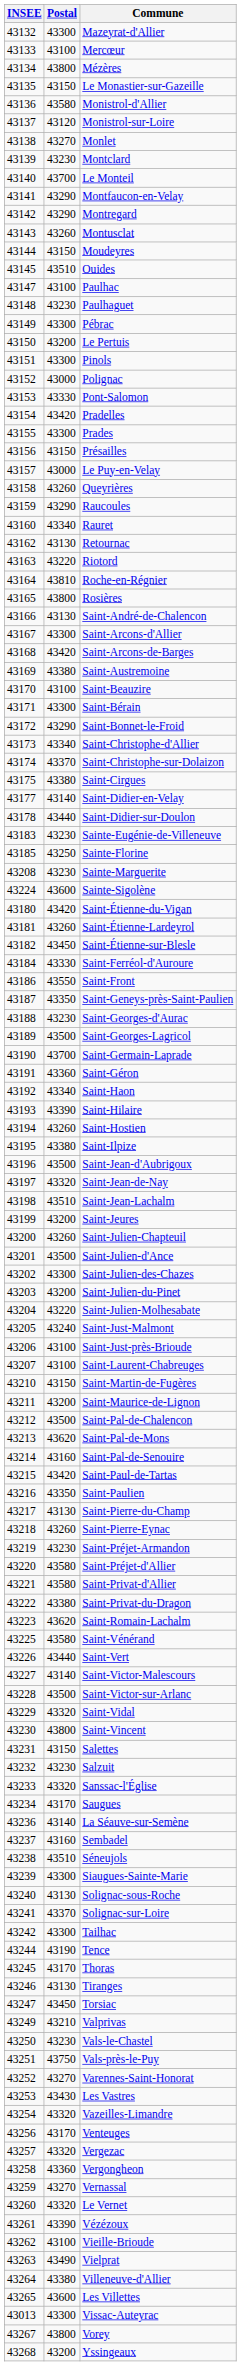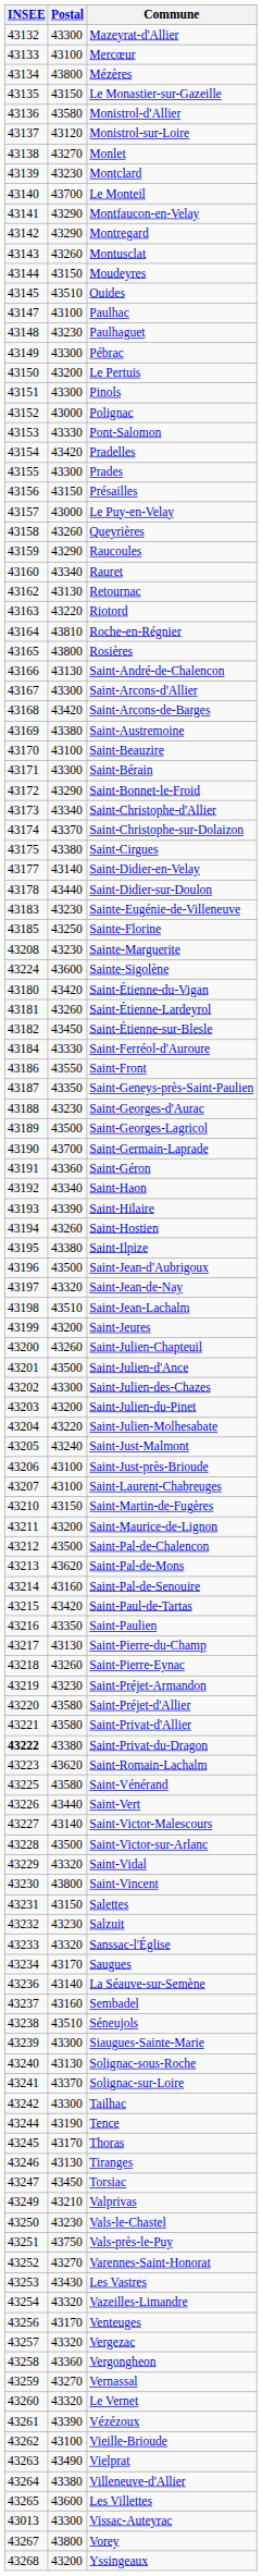 <table class="wikitable sortable">
 <tr>
 <th><a href='#'>INSEE</a></th>
 <th><a href='#'>Postal</a></th>
 <th>Commune</th>
 </tr>
 <tr>
 <td>43132</td>
 <td>43300</td>
 <td><a href='#'>Mazeyrat-d'Allier</a></td>
 </tr>
 <tr>
 <td>43133</td>
 <td>43100</td>
 <td><a href='#'>Mercœur</a></td>
 </tr>
 <tr>
 <td>43134</td>
 <td>43800</td>
 <td><a href='#'>Mézères</a></td>
 </tr>
 <tr>
 <td>43135</td>
 <td>43150</td>
 <td><a href='#'>Le Monastier-sur-Gazeille</a></td>
 </tr>
 <tr>
 <td>43136</td>
 <td>43580</td>
 <td><a href='#'>Monistrol-d'Allier</a></td>
 </tr>
 <tr>
 <td>43137</td>
 <td>43120</td>
 <td><a href='#'>Monistrol-sur-Loire</a></td>
 </tr>
 <tr>
 <td>43138</td>
 <td>43270</td>
 <td><a href='#'>Monlet</a></td>
 </tr>
 <tr>
 <td>43139</td>
 <td>43230</td>
 <td><a href='#'>Montclard</a></td>
 </tr>
 <tr>
 <td>43140</td>
 <td>43700</td>
 <td><a href='#'>Le Monteil</a></td>
 </tr>
 <tr>
 <td>43141</td>
 <td>43290</td>
 <td><a href='#'>Montfaucon-en-Velay</a></td>
 </tr>
 <tr>
 <td>43142</td>
 <td>43290</td>
 <td><a href='#'>Montregard</a></td>
 </tr>
 <tr>
 <td>43143</td>
 <td>43260</td>
 <td><a href='#'>Montusclat</a></td>
 </tr>
 <tr>
 <td>43144</td>
 <td>43150</td>
 <td><a href='#'>Moudeyres</a></td>
 </tr>
 <tr>
 <td>43145</td>
 <td>43510</td>
 <td><a href='#'>Ouides</a></td>
 </tr>
 <tr>
 <td>43147</td>
 <td>43100</td>
 <td><a href='#'>Paulhac</a></td>
 </tr>
 <tr>
 <td>43148</td>
 <td>43230</td>
 <td><a href='#'>Paulhaguet</a></td>
 </tr>
 <tr>
 <td>43149</td>
 <td>43300</td>
 <td><a href='#'>Pébrac</a></td>
 </tr>
 <tr>
 <td>43150</td>
 <td>43200</td>
 <td><a href='#'>Le Pertuis</a></td>
 </tr>
 <tr>
 <td>43151</td>
 <td>43300</td>
 <td><a href='#'>Pinols</a></td>
 </tr>
 <tr>
 <td>43152</td>
 <td>43000</td>
 <td><a href='#'>Polignac</a></td>
 </tr>
 <tr>
 <td>43153</td>
 <td>43330</td>
 <td><a href='#'>Pont-Salomon</a></td>
 </tr>
 <tr>
 <td>43154</td>
 <td>43420</td>
 <td><a href='#'>Pradelles</a></td>
 </tr>
 <tr>
 <td>43155</td>
 <td>43300</td>
 <td><a href='#'>Prades</a></td>
 </tr>
 <tr>
 <td>43156</td>
 <td>43150</td>
 <td><a href='#'>Présailles</a></td>
 </tr>
 <tr>
 <td>43157</td>
 <td>43000</td>
 <td><a href='#'>Le Puy-en-Velay</a></td>
 </tr>
 <tr>
 <td>43158</td>
 <td>43260</td>
 <td><a href='#'>Queyrières</a></td>
 </tr>
 <tr>
 <td>43159</td>
 <td>43290</td>
 <td><a href='#'>Raucoules</a></td>
 </tr>
 <tr>
 <td>43160</td>
 <td>43340</td>
 <td><a href='#'>Rauret</a></td>
 </tr>
 <tr>
 <td>43162</td>
 <td>43130</td>
 <td><a href='#'>Retournac</a></td>
 </tr>
 <tr>
 <td>43163</td>
 <td>43220</td>
 <td><a href='#'>Riotord</a></td>
 </tr>
 <tr>
 <td>43164</td>
 <td>43810</td>
 <td><a href='#'>Roche-en-Régnier</a></td>
 </tr>
 <tr>
 <td>43165</td>
 <td>43800</td>
 <td><a href='#'>Rosières</a></td>
 </tr>
 <tr>
 <td>43166</td>
 <td>43130</td>
 <td><a href='#'>Saint-André-de-Chalencon</a></td>
 </tr>
 <tr>
 <td>43167</td>
 <td>43300</td>
 <td><a href='#'>Saint-Arcons-d'Allier</a></td>
 </tr>
 <tr>
 <td>43168</td>
 <td>43420</td>
 <td><a href='#'>Saint-Arcons-de-Barges</a></td>
 </tr>
 <tr>
 <td>43169</td>
 <td>43380</td>
 <td><a href='#'>Saint-Austremoine</a></td>
 </tr>
 <tr>
 <td>43170</td>
 <td>43100</td>
 <td><a href='#'>Saint-Beauzire</a></td>
 </tr>
 <tr>
 <td>43171</td>
 <td>43300</td>
 <td><a href='#'>Saint-Bérain</a></td>
 </tr>
 <tr>
 <td>43172</td>
 <td>43290</td>
 <td><a href='#'>Saint-Bonnet-le-Froid</a></td>
 </tr>
 <tr>
 <td>43173</td>
 <td>43340</td>
 <td><a href='#'>Saint-Christophe-d'Allier</a></td>
 </tr>
 <tr>
 <td>43174</td>
 <td>43370</td>
 <td><a href='#'>Saint-Christophe-sur-Dolaizon</a></td>
 </tr>
 <tr>
 <td>43175</td>
 <td>43380</td>
 <td><a href='#'>Saint-Cirgues</a></td>
 </tr>
 <tr>
 <td>43177</td>
 <td>43140</td>
 <td><a href='#'>Saint-Didier-en-Velay</a></td>
 </tr>
 <tr>
 <td>43178</td>
 <td>43440</td>
 <td><a href='#'>Saint-Didier-sur-Doulon</a></td>
 </tr>
 <tr>
 <td>43183</td>
 <td>43230</td>
 <td><a href='#'>Sainte-Eugénie-de-Villeneuve</a></td>
 </tr>
 <tr>
 <td>43185</td>
 <td>43250</td>
 <td><a href='#'>Sainte-Florine</a></td>
 </tr>
 <tr>
 <td>43208</td>
 <td>43230</td>
 <td><a href='#'>Sainte-Marguerite</a></td>
 </tr>
 <tr>
 <td>43224</td>
 <td>43600</td>
 <td><a href='#'>Sainte-Sigolène</a></td>
 </tr>
 <tr>
 <td>43180</td>
 <td>43420</td>
 <td><a href='#'>Saint-Étienne-du-Vigan</a></td>
 </tr>
 <tr>
 <td>43181</td>
 <td>43260</td>
 <td><a href='#'>Saint-Étienne-Lardeyrol</a></td>
 </tr>
 <tr>
 <td>43182</td>
 <td>43450</td>
 <td><a href='#'>Saint-Étienne-sur-Blesle</a></td>
 </tr>
 <tr>
 <td>43184</td>
 <td>43330</td>
 <td><a href='#'>Saint-Ferréol-d'Auroure</a></td>
 </tr>
 <tr>
 <td>43186</td>
 <td>43550</td>
 <td><a href='#'>Saint-Front</a></td>
 </tr>
 <tr>
 <td>43187</td>
 <td>43350</td>
 <td><a href='#'>Saint-Geneys-près-Saint-Paulien</a></td>
 </tr>
 <tr>
 <td>43188</td>
 <td>43230</td>
 <td><a href='#'>Saint-Georges-d'Aurac</a></td>
 </tr>
 <tr>
 <td>43189</td>
 <td>43500</td>
 <td><a href='#'>Saint-Georges-Lagricol</a></td>
 </tr>
 <tr>
 <td>43190</td>
 <td>43700</td>
 <td><a href='#'>Saint-Germain-Laprade</a></td>
 </tr>
 <tr>
 <td>43191</td>
 <td>43360</td>
 <td><a href='#'>Saint-Géron</a></td>
 </tr>
 <tr>
 <td>43192</td>
 <td>43340</td>
 <td><a href='#'>Saint-Haon</a></td>
 </tr>
 <tr>
 <td>43193</td>
 <td>43390</td>
 <td><a href='#'>Saint-Hilaire</a></td>
 </tr>
 <tr>
 <td>43194</td>
 <td>43260</td>
 <td><a href='#'>Saint-Hostien</a></td>
 </tr>
 <tr>
 <td>43195</td>
 <td>43380</td>
 <td><a href='#'>Saint-Ilpize</a></td>
 </tr>
 <tr>
 <td>43196</td>
 <td>43500</td>
 <td><a href='#'>Saint-Jean-d'Aubrigoux</a></td>
 </tr>
 <tr>
 <td>43197</td>
 <td>43320</td>
 <td><a href='#'>Saint-Jean-de-Nay</a></td>
 </tr>
 <tr>
 <td>43198</td>
 <td>43510</td>
 <td><a href='#'>Saint-Jean-Lachalm</a></td>
 </tr>
 <tr>
 <td>43199</td>
 <td>43200</td>
 <td><a href='#'>Saint-Jeures</a></td>
 </tr>
 <tr>
 <td>43200</td>
 <td>43260</td>
 <td><a href='#'>Saint-Julien-Chapteuil</a></td>
 </tr>
 <tr>
 <td>43201</td>
 <td>43500</td>
 <td><a href='#'>Saint-Julien-d'Ance</a></td>
 </tr>
 <tr>
 <td>43202</td>
 <td>43300</td>
 <td><a href='#'>Saint-Julien-des-Chazes</a></td>
 </tr>
 <tr>
 <td>43203</td>
 <td>43200</td>
 <td><a href='#'>Saint-Julien-du-Pinet</a></td>
 </tr>
 <tr>
 <td>43204</td>
 <td>43220</td>
 <td><a href='#'>Saint-Julien-Molhesabate</a></td>
 </tr>
 <tr>
 <td>43205</td>
 <td>43240</td>
 <td><a href='#'>Saint-Just-Malmont</a></td>
 </tr>
 <tr>
 <td>43206</td>
 <td>43100</td>
 <td><a href='#'>Saint-Just-près-Brioude</a></td>
 </tr>
 <tr>
 <td>43207</td>
 <td>43100</td>
 <td><a href='#'>Saint-Laurent-Chabreuges</a></td>
 </tr>
 <tr>
 <td>43210</td>
 <td>43150</td>
 <td><a href='#'>Saint-Martin-de-Fugères</a></td>
 </tr>
 <tr>
 <td>43211</td>
 <td>43200</td>
 <td><a href='#'>Saint-Maurice-de-Lignon</a></td>
 </tr>
 <tr>
 <td>43212</td>
 <td>43500</td>
 <td><a href='#'>Saint-Pal-de-Chalencon</a></td>
 </tr>
 <tr>
 <td>43213</td>
 <td>43620</td>
 <td><a href='#'>Saint-Pal-de-Mons</a></td>
 </tr>
 <tr>
 <td>43214</td>
 <td>43160</td>
 <td><a href='#'>Saint-Pal-de-Senouire</a></td>
 </tr>
 <tr>
 <td>43215</td>
 <td>43420</td>
 <td><a href='#'>Saint-Paul-de-Tartas</a></td>
 </tr>
 <tr>
 <td>43216</td>
 <td>43350</td>
 <td><a href='#'>Saint-Paulien</a></td>
 </tr>
 <tr>
 <td>43217</td>
 <td>43130</td>
 <td><a href='#'>Saint-Pierre-du-Champ</a></td>
 </tr>
 <tr>
 <td>43218</td>
 <td>43260</td>
 <td><a href='#'>Saint-Pierre-Eynac</a></td>
 </tr>
 <tr>
 <td>43219</td>
 <td>43230</td>
 <td><a href='#'>Saint-Préjet-Armandon</a></td>
 </tr>
 <tr>
 <td>43220</td>
 <td>43580</td>
 <td><a href='#'>Saint-Préjet-d'Allier</a></td>
 </tr>
 <tr>
 <td>43221</td>
 <td>43580</td>
 <td><a href='#'>Saint-Privat-d'Allier</a></td>
 </tr>
 <tr>
-<td>43222</td>
+<td><strong>43222</strong></td>
 <td>43380</td>
 <td><a href='#'>Saint-Privat-du-Dragon</a></td>
 </tr>
 <tr>
 <td>43223</td>
 <td>43620</td>
 <td><a href='#'>Saint-Romain-Lachalm</a></td>
 </tr>
 <tr>
 <td>43225</td>
 <td>43580</td>
 <td><a href='#'>Saint-Vénérand</a></td>
 </tr>
 <tr>
 <td>43226</td>
 <td>43440</td>
 <td><a href='#'>Saint-Vert</a></td>
 </tr>
 <tr>
 <td>43227</td>
 <td>43140</td>
 <td><a href='#'>Saint-Victor-Malescours</a></td>
 </tr>
 <tr>
 <td>43228</td>
 <td>43500</td>
 <td><a href='#'>Saint-Victor-sur-Arlanc</a></td>
 </tr>
 <tr>
 <td>43229</td>
 <td>43320</td>
 <td><a href='#'>Saint-Vidal</a></td>
 </tr>
 <tr>
 <td>43230</td>
 <td>43800</td>
 <td><a href='#'>Saint-Vincent</a></td>
 </tr>
 <tr>
 <td>43231</td>
 <td>43150</td>
 <td><a href='#'>Salettes</a></td>
 </tr>
 <tr>
 <td>43232</td>
 <td>43230</td>
 <td><a href='#'>Salzuit</a></td>
 </tr>
 <tr>
 <td>43233</td>
 <td>43320</td>
 <td><a href='#'>Sanssac-l'Église</a></td>
 </tr>
 <tr>
 <td>43234</td>
 <td>43170</td>
 <td><a href='#'>Saugues</a></td>
 </tr>
 <tr>
 <td>43236</td>
 <td>43140</td>
 <td><a href='#'>La Séauve-sur-Semène</a></td>
 </tr>
 <tr>
 <td>43237</td>
 <td>43160</td>
 <td><a href='#'>Sembadel</a></td>
 </tr>
 <tr>
 <td>43238</td>
 <td>43510</td>
 <td><a href='#'>Séneujols</a></td>
 </tr>
 <tr>
 <td>43239</td>
 <td>43300</td>
 <td><a href='#'>Siaugues-Sainte-Marie</a></td>
 </tr>
 <tr>
 <td>43240</td>
 <td>43130</td>
 <td><a href='#'>Solignac-sous-Roche</a></td>
 </tr>
 <tr>
 <td>43241</td>
 <td>43370</td>
 <td><a href='#'>Solignac-sur-Loire</a></td>
 </tr>
 <tr>
 <td>43242</td>
 <td>43300</td>
 <td><a href='#'>Tailhac</a></td>
 </tr>
 <tr>
 <td>43244</td>
 <td>43190</td>
 <td><a href='#'>Tence</a></td>
 </tr>
 <tr>
 <td>43245</td>
 <td>43170</td>
 <td><a href='#'>Thoras</a></td>
 </tr>
 <tr>
 <td>43246</td>
 <td>43130</td>
 <td><a href='#'>Tiranges</a></td>
 </tr>
 <tr>
 <td>43247</td>
 <td>43450</td>
 <td><a href='#'>Torsiac</a></td>
 </tr>
 <tr>
 <td>43249</td>
 <td>43210</td>
 <td><a href='#'>Valprivas</a></td>
 </tr>
 <tr>
 <td>43250</td>
 <td>43230</td>
 <td><a href='#'>Vals-le-Chastel</a></td>
 </tr>
 <tr>
 <td>43251</td>
 <td>43750</td>
 <td><a href='#'>Vals-près-le-Puy</a></td>
 </tr>
 <tr>
 <td>43252</td>
 <td>43270</td>
 <td><a href='#'>Varennes-Saint-Honorat</a></td>
 </tr>
 <tr>
 <td>43253</td>
 <td>43430</td>
 <td><a href='#'>Les Vastres</a></td>
 </tr>
 <tr>
 <td>43254</td>
 <td>43320</td>
 <td><a href='#'>Vazeilles-Limandre</a></td>
 </tr>
 <tr>
 <td>43256</td>
 <td>43170</td>
 <td><a href='#'>Venteuges</a></td>
 </tr>
 <tr>
 <td>43257</td>
 <td>43320</td>
 <td><a href='#'>Vergezac</a></td>
 </tr>
 <tr>
 <td>43258</td>
 <td>43360</td>
 <td><a href='#'>Vergongheon</a></td>
 </tr>
 <tr>
 <td>43259</td>
 <td>43270</td>
 <td><a href='#'>Vernassal</a></td>
 </tr>
 <tr>
 <td>43260</td>
 <td>43320</td>
 <td><a href='#'>Le Vernet</a></td>
 </tr>
 <tr>
 <td>43261</td>
 <td>43390</td>
 <td><a href='#'>Vézézoux</a></td>
 </tr>
 <tr>
 <td>43262</td>
 <td>43100</td>
 <td><a href='#'>Vieille-Brioude</a></td>
 </tr>
 <tr>
 <td>43263</td>
 <td>43490</td>
 <td><a href='#'>Vielprat</a></td>
 </tr>
 <tr>
 <td>43264</td>
 <td>43380</td>
 <td><a href='#'>Villeneuve-d'Allier</a></td>
 </tr>
 <tr>
 <td>43265</td>
 <td>43600</td>
 <td><a href='#'>Les Villettes</a></td>
 </tr>
 <tr>
 <td>43013</td>
 <td>43300</td>
 <td><a href='#'>Vissac-Auteyrac</a></td>
 </tr>
 <tr>
 <td>43267</td>
 <td>43800</td>
 <td><a href='#'>Vorey</a></td>
 </tr>
 <tr>
 <td>43268</td>
 <td>43200</td>
 <td><a href='#'>Yssingeaux</a></td>
 </tr>
 </table>
